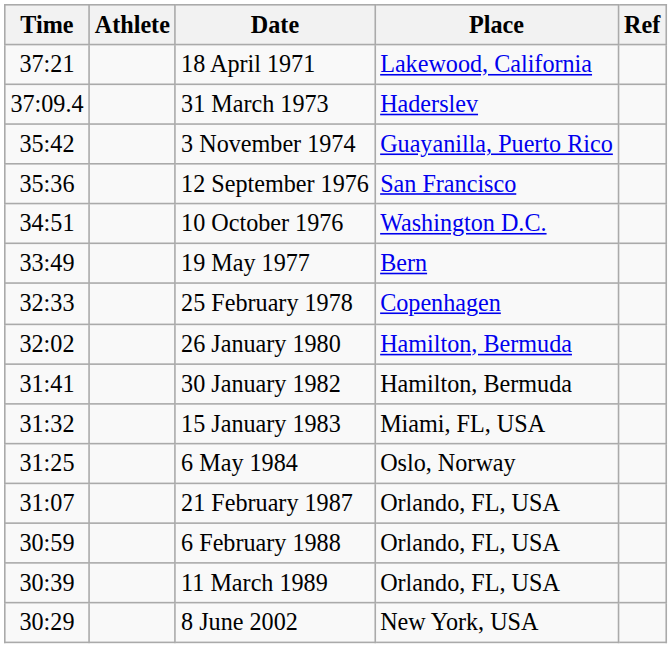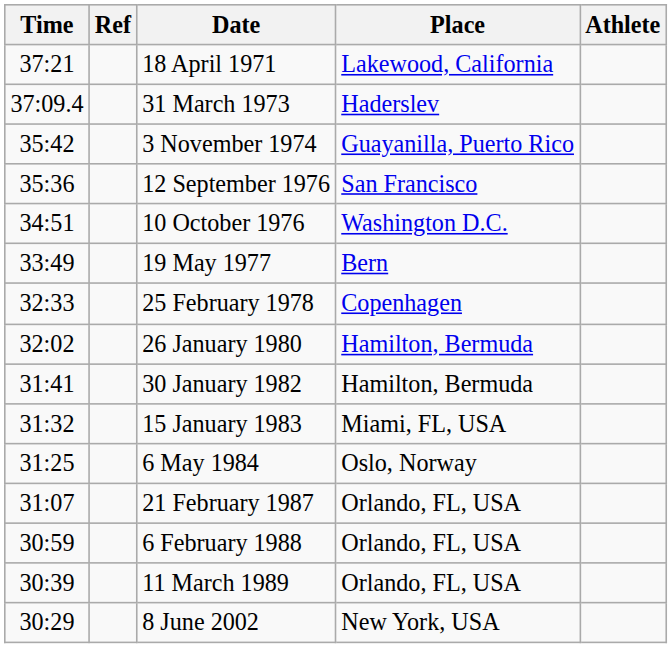 <table class="wikitable" style="font-size:95%">
 <tr>
 <th>Time</th>
-<th>Athlete</th>
+<th>Ref</th>
 <th>Date</th>
 <th>Place</th>
-<th>Ref</th>
+<th>Athlete</th>
 </tr>
 <tr>
 <td align=center>37:21</td>
 <td></td>
 <td>18 April 1971</td>
 <td><a href='#'>Lakewood, California</a></td>
 <td></td>
 </tr>
 <tr>
 <td align=center>37:09.4</td>
 <td></td>
 <td>31 March 1973</td>
 <td><a href='#'>Haderslev</a></td>
 <td></td>
 </tr>
 <tr>
 <td align=center>35:42</td>
 <td></td>
 <td>3 November 1974</td>
 <td><a href='#'>Guayanilla, Puerto Rico</a></td>
 <td></td>
 </tr>
 <tr>
 <td align=center>35:36</td>
 <td></td>
 <td>12 September 1976</td>
 <td><a href='#'>San Francisco</a></td>
 <td></td>
 </tr>
 <tr>
 <td align=center>34:51</td>
 <td></td>
 <td>10 October 1976</td>
 <td><a href='#'>Washington D.C.</a></td>
 <td></td>
 </tr>
 <tr>
 <td align=center>33:49</td>
 <td></td>
 <td>19 May 1977</td>
 <td><a href='#'>Bern</a></td>
 <td></td>
 </tr>
 <tr>
 <td align=center>32:33</td>
 <td></td>
 <td>25 February 1978</td>
 <td><a href='#'>Copenhagen</a></td>
 <td></td>
 </tr>
 <tr>
 <td align=center>32:02</td>
 <td></td>
 <td>26 January 1980</td>
 <td><a href='#'>Hamilton, Bermuda</a></td>
 <td></td>
 </tr>
 <tr>
 <td align=center>31:41</td>
 <td></td>
 <td>30 January 1982</td>
 <td>Hamilton, Bermuda</td>
 <td></td>
 </tr>
 <tr>
 <td align=center>31:32</td>
 <td></td>
 <td>15 January 1983</td>
 <td>Miami, FL, USA</td>
 <td></td>
 </tr>
 <tr>
 <td align=center>31:25</td>
 <td></td>
 <td>6 May 1984</td>
 <td>Oslo, Norway</td>
 <td></td>
 </tr>
 <tr>
 <td align=center>31:07</td>
 <td></td>
 <td>21 February 1987</td>
 <td>Orlando, FL, USA</td>
 <td></td>
 </tr>
 <tr>
 <td align=center>30:59</td>
 <td></td>
 <td>6 February 1988</td>
 <td>Orlando, FL, USA</td>
 <td></td>
 </tr>
 <tr>
 <td align=center>30:39</td>
 <td></td>
 <td>11 March 1989</td>
 <td>Orlando, FL, USA</td>
 <td></td>
 </tr>
 <tr>
 <td align=center>30:29</td>
 <td></td>
 <td>8 June 2002</td>
 <td>New York, USA</td>
 <td></td>
 </tr>
 </table>
